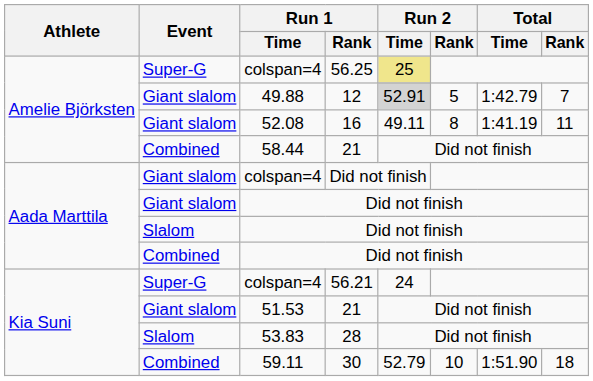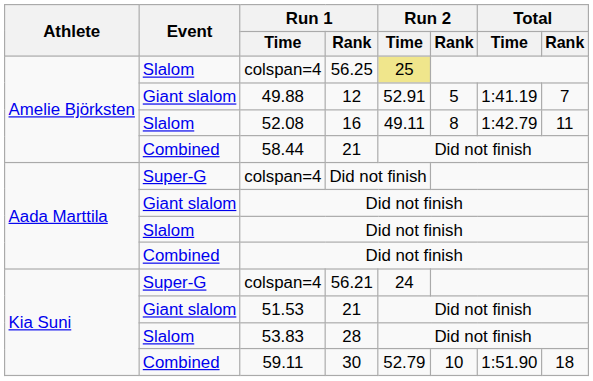 <table class="wikitable" style="font-size:90%">
 <tr>
 <th rowspan=2>Athlete</th>
 <th rowspan=2>Event</th>
 <th colspan=2>Run 1</th>
 <th colspan=2>Run 2</th>
 <th colspan=2>Total</th>
 </tr>
 <tr style="font-size:95%">
 <th>Time</th>
 <th>Rank</th>
 <th>Time</th>
 <th>Rank</th>
 <th>Time</th>
 <th>Rank</th>
 </tr>
 <tr align=center>
 <td align="left" rowspan="4"><a href='#'>Amelie Björksten</a></td>
-<td align="left"><a href='#'>Super-G</a></td>
+<td align="left"><a href='#'>Slalom</a></td>
 <td>colspan=4</td>
 <td>56.25</td>
 <td style="background: khaki;">25</td>
 </tr>
 <tr align=center>
 <td align="left"><a href='#'>Giant slalom</a></td>
 <td>49.88</td>
 <td>12</td>
-<td style="background: lightgrey;">52.91</td>
+<td>52.91</td>
 <td>5</td>
-<td>1:42.79</td>
+<td>1:41.19</td>
 <td>7</td>
 </tr>
 <tr align=center>
-<td align="left"><a href='#'>Giant slalom</a></td>
+<td align="left"><a href='#'>Slalom</a></td>
 <td>52.08</td>
 <td>16</td>
 <td>49.11</td>
 <td>8</td>
-<td>1:41.19</td>
+<td>1:42.79</td>
 <td>11</td>
 </tr>
 <tr align=center>
 <td align="left"><a href='#'>Combined</a></td>
 <td>58.44</td>
 <td>21</td>
 <td colspan=4>Did not finish</td>
 </tr>
 <tr align="center">
 <td align="left" rowspan="4"><a href='#'>Aada Marttila</a></td>
-<td align="left"><a href='#'>Giant slalom</a></td>
+<td align="left"><a href='#'>Super-G</a></td>
 <td>colspan=4</td>
 <td colspan=2>Did not finish</td>
 </tr>
 <tr align=center>
 <td align="left"><a href='#'>Giant slalom</a></td>
 <td colspan=6>Did not finish</td>
 </tr>
 <tr align=center>
 <td align="left"><a href='#'>Slalom</a></td>
 <td colspan=6>Did not finish</td>
 </tr>
 <tr align=center>
 <td align="left"><a href='#'>Combined</a></td>
 <td colspan=6>Did not finish</td>
 </tr>
 <tr align="center">
 <td align="left" rowspan="4"><a href='#'>Kia Suni</a></td>
 <td align="left"><a href='#'>Super-G</a></td>
 <td>colspan=4</td>
 <td>56.21</td>
 <td>24</td>
 </tr>
 <tr align=center>
 <td align="left"><a href='#'>Giant slalom</a></td>
 <td>51.53</td>
 <td>21</td>
 <td colspan=4>Did not finish</td>
 </tr>
 <tr align=center>
 <td align="left"><a href='#'>Slalom</a></td>
 <td>53.83</td>
 <td>28</td>
 <td colspan=4>Did not finish</td>
 </tr>
 <tr align=center>
 <td align="left"><a href='#'>Combined</a></td>
 <td>59.11</td>
 <td>30</td>
 <td>52.79</td>
 <td>10</td>
 <td>1:51.90</td>
 <td>18</td>
 </tr>
 </table>
